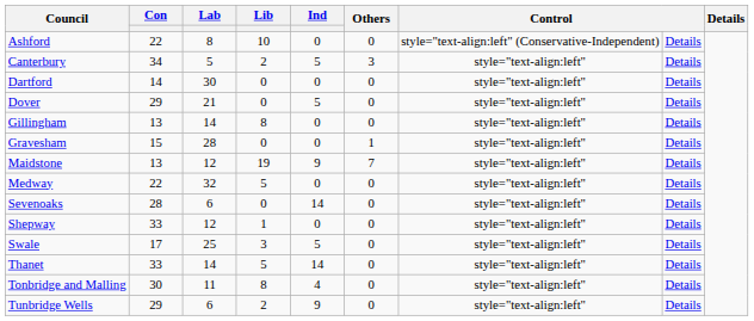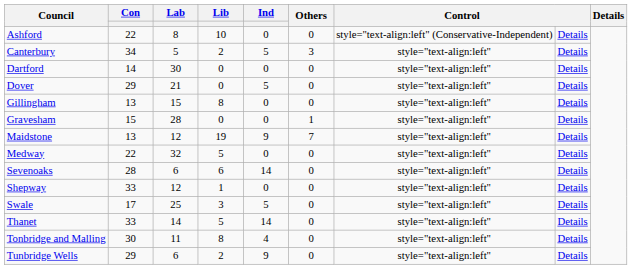 <table class="wikitable" style="text-align:center;">
 <tr>
 <th rowspan=2>Council</th>
 <th style="width:60px;"><a href='#'>Con</a></th>
 <th style="width:60px;"><a href='#'>Lab</a></th>
 <th style="width:60px;"><a href='#'>Lib</a></th>
 <th style="width:60px;"><a href='#'>Ind</a></th>
 <th style="width:60px;" rowspan=2>Others</th>
 <th rowspan=2 colspan=2>Control</th>
 <th rowspan=2>Details</th>
 </tr>
 <tr>
 <th style="background:"></th>
 <th style="background:"></th>
 <th style="background:"></th>
 <th style="background:"></th>
 </tr>
 <tr>
 <td style="text-align:left"><a href='#'>Ashford</a></td>
 <td>22</td>
 <td>8</td>
 <td>10</td>
 <td>0</td>
 <td>0</td>
 <td>style="text-align:left"  (Conservative-Independent)</td>
 <td style="text-align:left"><a href='#'>Details</a></td>
 </tr>
 <tr>
 <td style="text-align:left"><a href='#'>Canterbury</a></td>
 <td>34</td>
 <td>5</td>
 <td>2</td>
 <td>5</td>
 <td>3</td>
 <td>style="text-align:left" </td>
 <td style="text-align:left"><a href='#'>Details</a></td>
 </tr>
 <tr>
 <td style="text-align:left"><a href='#'>Dartford</a></td>
 <td>14</td>
 <td>30</td>
 <td>0</td>
 <td>0</td>
 <td>0</td>
 <td>style="text-align:left" </td>
 <td style="text-align:left"><a href='#'>Details</a></td>
 </tr>
 <tr>
 <td style="text-align:left"><a href='#'>Dover</a></td>
 <td>29</td>
 <td>21</td>
 <td>0</td>
 <td>5</td>
 <td>0</td>
 <td>style="text-align:left" </td>
 <td style="text-align:left"><a href='#'>Details</a></td>
 </tr>
 <tr>
 <td style="text-align:left"><a href='#'>Gillingham</a></td>
 <td>13</td>
-<td>14</td>
+<td>15</td>
 <td>8</td>
 <td>0</td>
 <td>0</td>
 <td>style="text-align:left" </td>
 <td style="text-align:left"><a href='#'>Details</a></td>
 </tr>
 <tr>
 <td style="text-align:left"><a href='#'>Gravesham</a></td>
 <td>15</td>
 <td>28</td>
 <td>0</td>
 <td>0</td>
 <td>1</td>
 <td>style="text-align:left" </td>
 <td style="text-align:left"><a href='#'>Details</a></td>
 </tr>
 <tr>
 <td style="text-align:left"><a href='#'>Maidstone</a></td>
 <td>13</td>
 <td>12</td>
 <td>19</td>
 <td>9</td>
 <td>7</td>
 <td>style="text-align:left" </td>
 <td style="text-align:left"><a href='#'>Details</a></td>
 </tr>
 <tr>
 <td style="text-align:left"><a href='#'>Medway</a></td>
 <td>22</td>
 <td>32</td>
 <td>5</td>
 <td>0</td>
 <td>0</td>
 <td>style="text-align:left" </td>
 <td style="text-align:left"><a href='#'>Details</a></td>
 </tr>
 <tr>
 <td style="text-align:left"><a href='#'>Sevenoaks</a></td>
 <td>28</td>
 <td>6</td>
-<td>0</td>
+<td>6</td>
 <td>14</td>
 <td>0</td>
 <td>style="text-align:left" </td>
 <td style="text-align:left"><a href='#'>Details</a></td>
 </tr>
 <tr>
 <td style="text-align:left"><a href='#'>Shepway</a></td>
 <td>33</td>
 <td>12</td>
 <td>1</td>
 <td>0</td>
 <td>0</td>
 <td>style="text-align:left" </td>
 <td style="text-align:left"><a href='#'>Details</a></td>
 </tr>
 <tr>
 <td style="text-align:left"><a href='#'>Swale</a></td>
 <td>17</td>
 <td>25</td>
 <td>3</td>
 <td>5</td>
 <td>0</td>
 <td>style="text-align:left" </td>
 <td style="text-align:left"><a href='#'>Details</a></td>
 </tr>
 <tr>
 <td style="text-align:left"><a href='#'>Thanet</a></td>
 <td>33</td>
 <td>14</td>
 <td>5</td>
 <td>14</td>
 <td>0</td>
 <td>style="text-align:left" </td>
 <td style="text-align:left"><a href='#'>Details</a></td>
 </tr>
 <tr>
 <td style="text-align:left"><a href='#'>Tonbridge and Malling</a></td>
 <td>30</td>
 <td>11</td>
 <td>8</td>
 <td>4</td>
 <td>0</td>
 <td>style="text-align:left" </td>
 <td style="text-align:left"><a href='#'>Details</a></td>
 </tr>
 <tr>
 <td style="text-align:left"><a href='#'>Tunbridge Wells</a></td>
 <td>29</td>
 <td>6</td>
 <td>2</td>
 <td>9</td>
 <td>0</td>
 <td>style="text-align:left" </td>
 <td style="text-align:left"><a href='#'>Details</a></td>
 </tr>
 </table>
